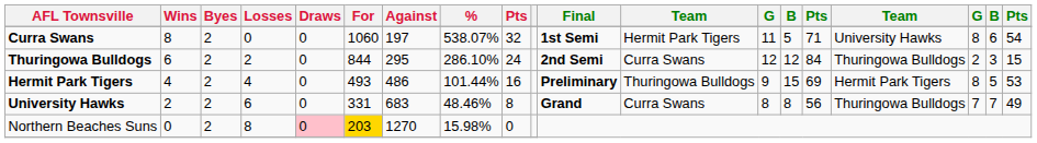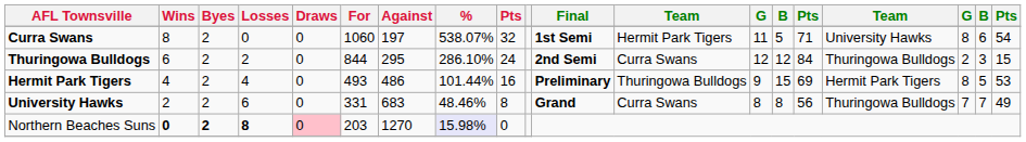 <table class="wikitable" style="font-size: 85%; text-align: left">
 <tr>
 <th style="color:crimson">AFL Townsville</th>
 <th style="color:crimson">Wins</th>
 <th style="color:crimson">Byes</th>
 <th style="color:crimson">Losses</th>
 <th style="color:crimson">Draws</th>
 <th style="color:crimson">For</th>
 <th style="color:crimson">Against</th>
 <th style="color:crimson">%</th>
 <th style="color:crimson">Pts</th>
 <th></th>
 <th style="color:green">Final</th>
 <th style="color:green">Team</th>
 <th style="color:green">G</th>
 <th style="color:green">B</th>
 <th style="color:green">Pts</th>
 <th style="color:green">Team</th>
 <th style="color:green">G</th>
 <th style="color:green">B</th>
 <th style="color:green">Pts</th>
 </tr>
 <tr>
 </tr>
 <tr>
 </tr>
 <tr>
 <td><strong>   Curra Swans   </strong></td>
 <td>8</td>
 <td>2</td>
 <td>0</td>
 <td>0</td>
 <td>1060</td>
 <td>197</td>
 <td>538.07%</td>
 <td>32</td>
 <td></td>
 <td><strong>1st Semi   </strong></td>
 <td>Hermit Park Tigers</td>
 <td>11</td>
 <td>5</td>
 <td>71</td>
 <td>University Hawks</td>
 <td>8</td>
 <td>6</td>
 <td>54</td>
 </tr>
 <tr>
 <td><strong>   Thuringowa Bulldogs   </strong></td>
 <td>6</td>
 <td>2</td>
 <td>2</td>
 <td>0</td>
 <td>844</td>
 <td>295</td>
 <td>286.10%</td>
 <td>24</td>
 <td></td>
 <td><strong>2nd Semi   </strong></td>
 <td>Curra Swans</td>
 <td>12</td>
 <td>12</td>
 <td>84</td>
 <td>Thuringowa Bulldogs</td>
 <td>2</td>
 <td>3</td>
 <td>15</td>
 </tr>
 <tr>
 <td><strong>   Hermit Park Tigers   </strong></td>
 <td>4</td>
 <td>2</td>
 <td>4</td>
 <td>0</td>
 <td>493</td>
 <td>486</td>
 <td>101.44%</td>
 <td>16</td>
 <td></td>
 <td><strong>Preliminary   </strong></td>
 <td>Thuringowa Bulldogs</td>
 <td>9</td>
 <td>15</td>
 <td>69</td>
 <td>Hermit Park Tigers</td>
 <td>8</td>
 <td>5</td>
 <td>53</td>
 </tr>
 <tr>
 <td><strong>   University Hawks   </strong></td>
 <td>2</td>
 <td>2</td>
 <td>6</td>
 <td>0</td>
 <td>331</td>
 <td>683</td>
 <td>48.46%</td>
 <td>8</td>
 <td></td>
 <td><strong>Grand   </strong></td>
 <td>Curra Swans</td>
 <td>8</td>
 <td>8</td>
 <td>56</td>
 <td>Thuringowa Bulldogs</td>
 <td>7</td>
 <td>7</td>
 <td>49</td>
 </tr>
 <tr>
 <td>Northern Beaches Suns</td>
-<td>0</td>
-<td>2</td>
-<td>8</td>
+<td><strong>0</strong></td>
+<td><strong>2</strong></td>
+<td><strong>8</strong></td>
 <td style="background: pink;">0</td>
-<td style="background: gold;">203</td>
+<td>203</td>
 <td>1270</td>
-<td>15.98%</td>
+<td style="background: lavender;">15.98%</td>
 <td>0</td>
 <td></td>
 </tr>
 <tr>
 </tr>
 </table>
